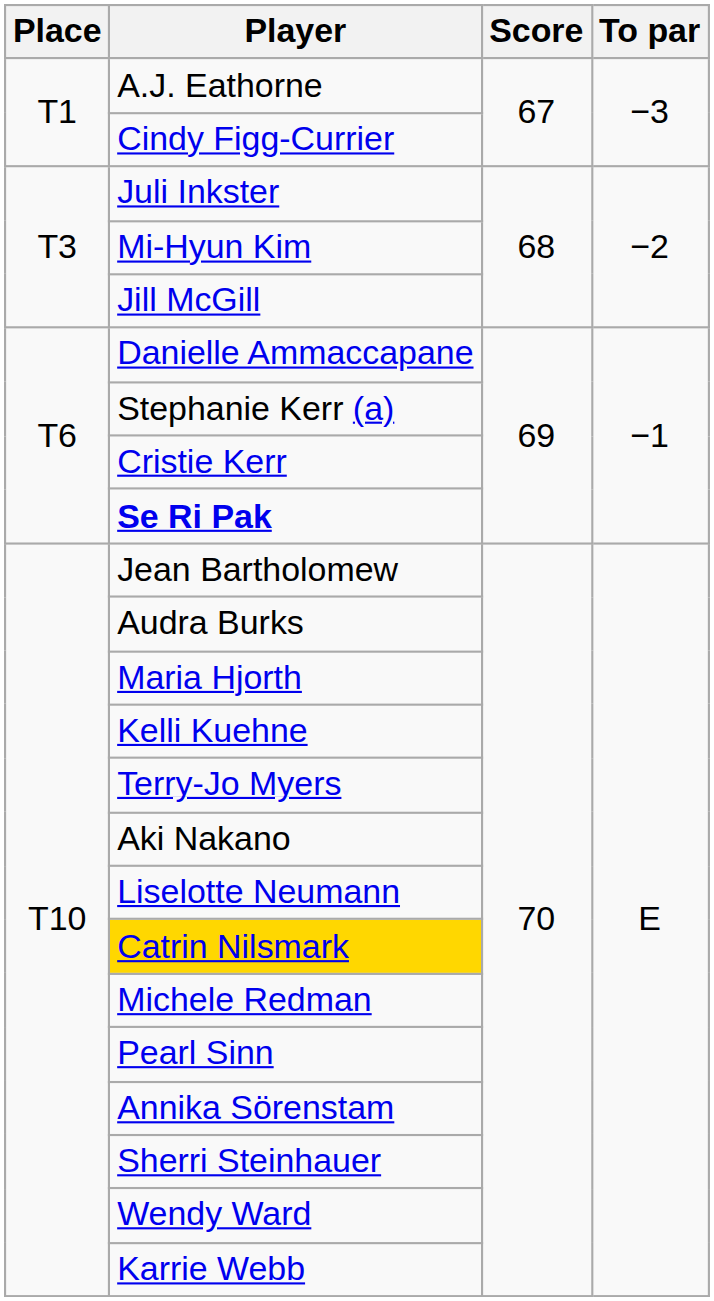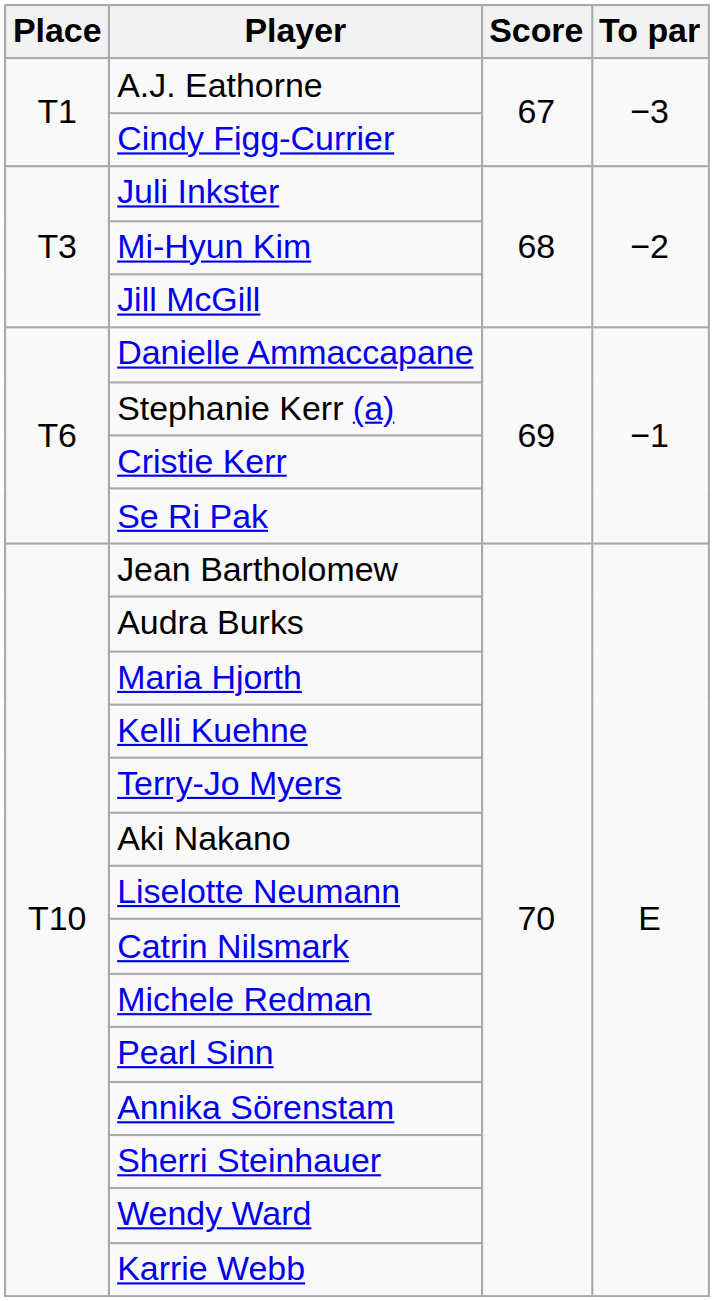 <table class="wikitable">
 <tr>
 <th>Place</th>
 <th>Player</th>
 <th>Score</th>
 <th>To par</th>
 </tr>
 <tr>
 <td rowspan=2 align=center>T1</td>
 <td> A.J. Eathorne</td>
 <td rowspan=2 align=center>67</td>
 <td rowspan=2 align=center>−3</td>
 </tr>
 <tr>
 <td> <a href='#'>Cindy Figg-Currier</a></td>
 </tr>
 <tr>
 <td rowspan=3 align=center>T3</td>
 <td> <a href='#'>Juli Inkster</a></td>
 <td rowspan=3 align=center>68</td>
 <td rowspan=3 align=center>−2</td>
 </tr>
 <tr>
 <td> <a href='#'>Mi-Hyun Kim</a></td>
 </tr>
 <tr>
 <td> <a href='#'>Jill McGill</a></td>
 </tr>
 <tr>
 <td rowspan=4 align=center>T6</td>
 <td> <a href='#'>Danielle Ammaccapane</a></td>
 <td rowspan=4 align=center>69</td>
 <td rowspan=4 align=center>−1</td>
 </tr>
 <tr>
 <td> Stephanie Kerr <a href='#'>(a)</a></td>
 </tr>
 <tr>
 <td> <a href='#'>Cristie Kerr</a></td>
 </tr>
 <tr>
-<td><strong> <a href='#'>Se Ri Pak</a></strong></td>
+<td> <a href='#'>Se Ri Pak</a></td>
 </tr>
 <tr>
 <td rowspan=14 align=center>T10</td>
 <td> Jean Bartholomew</td>
 <td rowspan=14 align=center>70</td>
 <td rowspan=14 align=center>E</td>
 </tr>
 <tr>
 <td> Audra Burks</td>
 </tr>
 <tr>
 <td> <a href='#'>Maria Hjorth</a></td>
 </tr>
 <tr>
 <td> <a href='#'>Kelli Kuehne</a></td>
 </tr>
 <tr>
 <td> <a href='#'>Terry-Jo Myers</a></td>
 </tr>
 <tr>
 <td> Aki Nakano</td>
 </tr>
 <tr>
 <td> <a href='#'>Liselotte Neumann</a></td>
 </tr>
 <tr>
-<td style="background: gold;"> <a href='#'>Catrin Nilsmark</a></td>
+<td> <a href='#'>Catrin Nilsmark</a></td>
 </tr>
 <tr>
 <td> <a href='#'>Michele Redman</a></td>
 </tr>
 <tr>
 <td> <a href='#'>Pearl Sinn</a></td>
 </tr>
 <tr>
 <td> <a href='#'>Annika Sörenstam</a></td>
 </tr>
 <tr>
 <td> <a href='#'>Sherri Steinhauer</a></td>
 </tr>
 <tr>
 <td> <a href='#'>Wendy Ward</a></td>
 </tr>
 <tr>
 <td> <a href='#'>Karrie Webb</a></td>
 </tr>
 </table>
